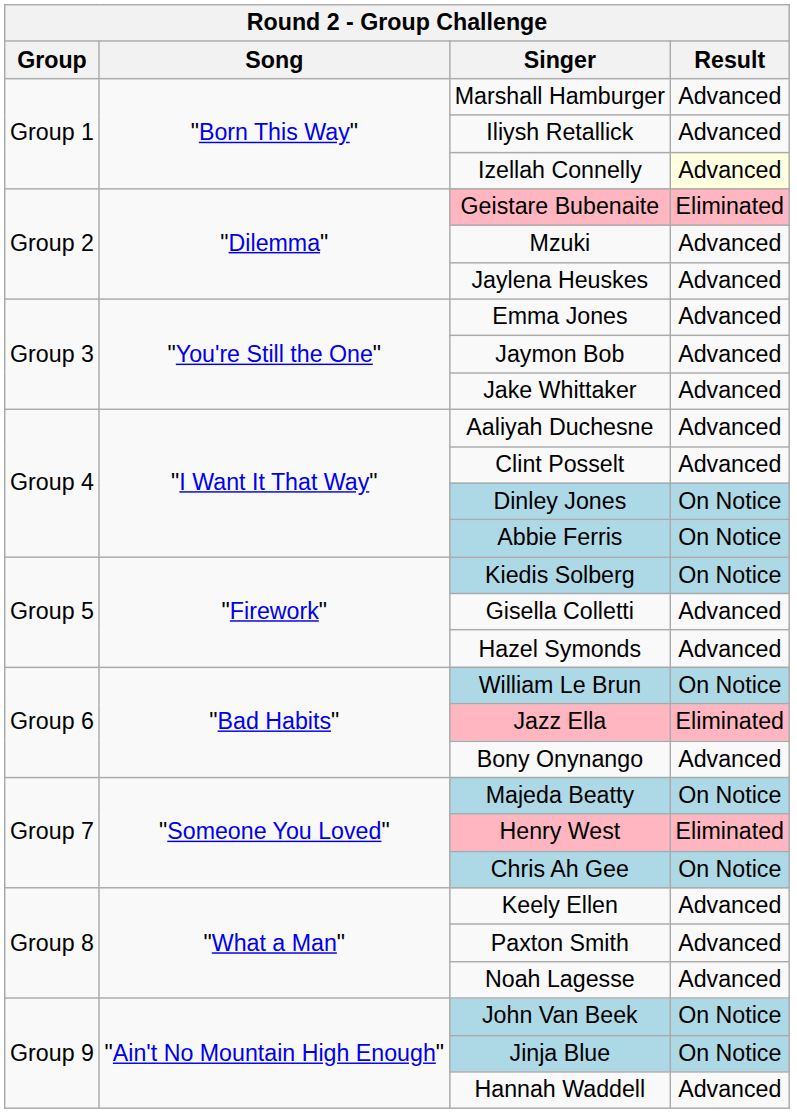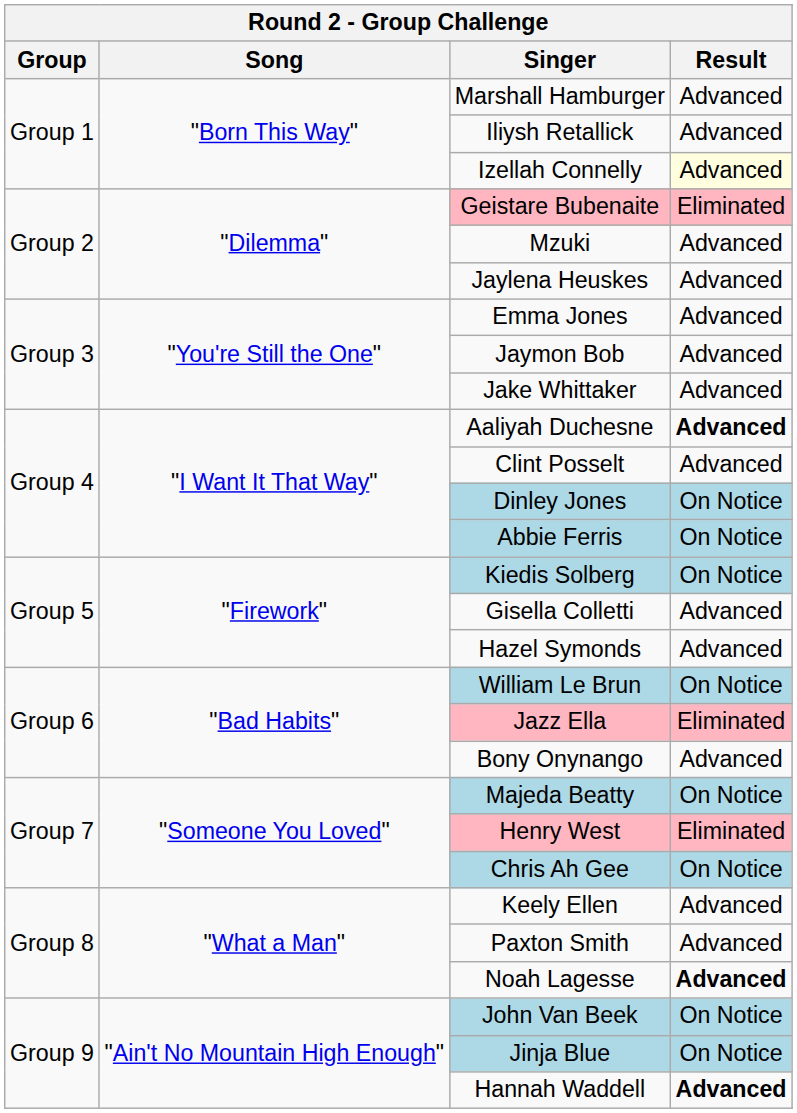 <table class="wikitable plainrowheaders" style="text-align:center;">
 <tr>
 <th colspan=4>Round 2 - Group Challenge</th>
 </tr>
 <tr>
 <th scope="col">Group</th>
 <th scope="col">Song</th>
 <th scope="col">Singer</th>
 <th scope="col">Result</th>
 </tr>
 <tr>
 <td rowspan="3">Group 1</td>
 <td rowspan="3">"<a href='#'>Born This Way</a>"</td>
 <td>Marshall Hamburger</td>
 <td>Advanced</td>
 </tr>
 <tr>
 <td>Iliysh Retallick</td>
 <td>Advanced</td>
 </tr>
 <tr>
 <td>Izellah Connelly</td>
 <td style="background: lightyellow;">Advanced</td>
 </tr>
 <tr>
 <td rowspan="3">Group 2</td>
 <td rowspan="3">"<a href='#'>Dilemma</a>"</td>
 <td style="background-color:lightpink">Geistare Bubenaite</td>
 <td style="background-color:lightpink">Eliminated</td>
 </tr>
 <tr>
 <td>Mzuki</td>
 <td>Advanced</td>
 </tr>
 <tr>
 <td>Jaylena Heuskes</td>
 <td>Advanced</td>
 </tr>
 <tr>
 <td rowspan="3">Group 3</td>
 <td rowspan="3">"<a href='#'>You're Still the One</a>"</td>
 <td>Emma Jones</td>
 <td>Advanced</td>
 </tr>
 <tr>
 <td>Jaymon Bob</td>
 <td>Advanced</td>
 </tr>
 <tr>
 <td>Jake Whittaker</td>
 <td>Advanced</td>
 </tr>
 <tr>
 <td rowspan="4">Group 4</td>
 <td rowspan="4">"<a href='#'>I Want It That Way</a>"</td>
 <td>Aaliyah Duchesne</td>
-<td>Advanced</td>
+<td><strong>Advanced</strong></td>
 </tr>
 <tr>
 <td>Clint Posselt</td>
 <td>Advanced</td>
 </tr>
 <tr>
 <td style="background-color:lightblue">Dinley Jones</td>
 <td style="background-color:lightblue">On Notice</td>
 </tr>
 <tr>
 <td style="background-color:lightblue">Abbie Ferris</td>
 <td style="background-color:lightblue">On Notice</td>
 </tr>
 <tr>
 <td rowspan="3">Group 5</td>
 <td rowspan="3">"<a href='#'>Firework</a>"</td>
 <td style="background-color:lightblue">Kiedis Solberg</td>
 <td style="background-color:lightblue">On Notice</td>
 </tr>
 <tr>
 <td>Gisella Colletti</td>
 <td>Advanced</td>
 </tr>
 <tr>
 <td>Hazel Symonds</td>
 <td>Advanced</td>
 </tr>
 <tr>
 <td rowspan="3">Group 6</td>
 <td rowspan="3">"<a href='#'>Bad Habits</a>"</td>
 <td style="background-color:lightblue">William Le Brun</td>
 <td style="background-color:lightblue">On Notice</td>
 </tr>
 <tr>
 <td style="background-color:lightpink">Jazz Ella</td>
 <td style="background-color:lightpink">Eliminated</td>
 </tr>
 <tr>
 <td>Bony Onynango</td>
 <td>Advanced</td>
 </tr>
 <tr>
 <td rowspan="3">Group 7</td>
 <td rowspan="3">"<a href='#'>Someone You Loved</a>"</td>
 <td style="background-color:lightblue">Majeda Beatty</td>
 <td style="background-color:lightblue">On Notice</td>
 </tr>
 <tr>
 <td style="background-color:lightpink">Henry West</td>
 <td style="background-color:lightpink">Eliminated</td>
 </tr>
 <tr>
 <td style="background-color:lightblue">Chris Ah Gee</td>
 <td style="background-color:lightblue">On Notice</td>
 </tr>
 <tr>
 <td rowspan="3">Group 8</td>
 <td rowspan="3">"<a href='#'>What a Man</a>"</td>
 <td>Keely Ellen</td>
 <td>Advanced</td>
 </tr>
 <tr>
 <td>Paxton Smith</td>
 <td>Advanced</td>
 </tr>
 <tr>
 <td>Noah Lagesse</td>
-<td>Advanced</td>
+<td><strong>Advanced</strong></td>
 </tr>
 <tr>
 <td rowspan="3">Group 9</td>
 <td rowspan="3">"<a href='#'>Ain't No Mountain High Enough</a>"</td>
 <td style="background-color:lightblue">John Van Beek</td>
 <td style="background-color:lightblue">On Notice</td>
 </tr>
 <tr>
 <td style="background-color:lightblue">Jinja Blue</td>
 <td style="background-color:lightblue">On Notice</td>
 </tr>
 <tr>
 <td>Hannah Waddell</td>
-<td>Advanced</td>
+<td><strong>Advanced</strong></td>
 </tr>
 </table>
